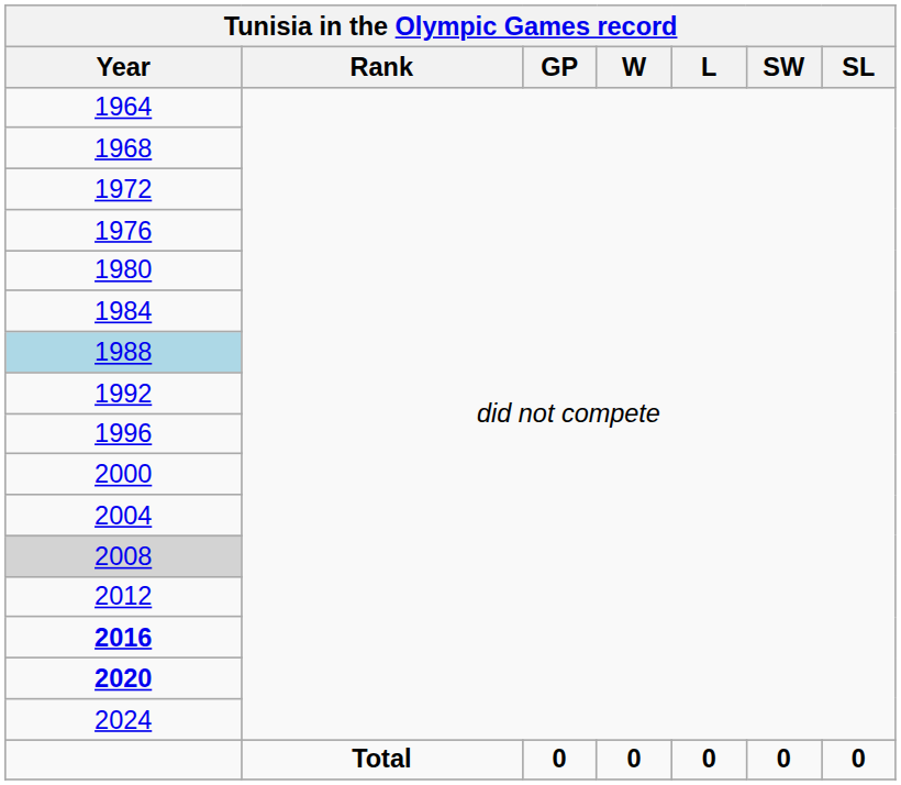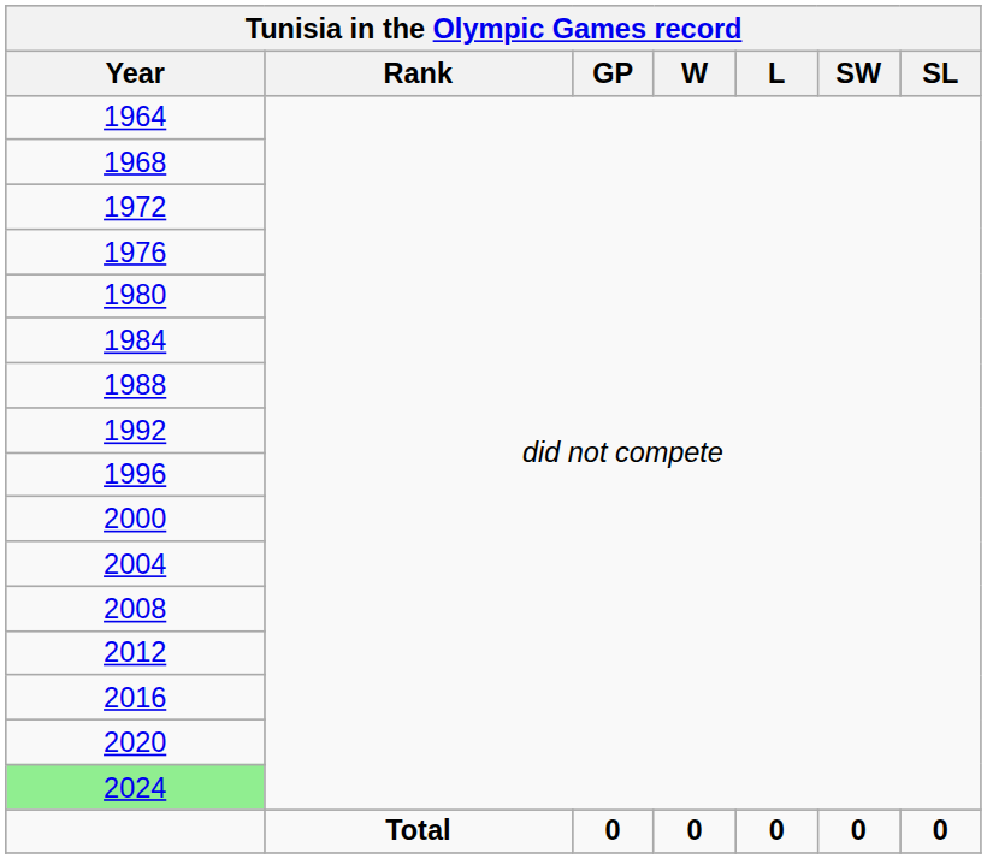 <table class="wikitable" style="text-align: center;font-size:90%;">
 <tr>
 <th colspan=10>Tunisia in the <a href='#'>Olympic Games record</a></th>
 </tr>
 <tr>
 <th width=125>Year</th>
 <th width=150>Rank</th>
 <th width=35>GP</th>
 <th width=35>W</th>
 <th width=35>L</th>
 <th width=35>SW</th>
 <th width=35>SL</th>
 </tr>
 <tr>
 <td> <a href='#'>1964</a></td>
 <td colspan="8" rowspan=16><em>did not compete</em></td>
 </tr>
 <tr>
 <td> <a href='#'>1968</a></td>
 </tr>
 <tr>
 <td> <a href='#'>1972</a></td>
 </tr>
 <tr>
 <td> <a href='#'>1976</a></td>
 </tr>
 <tr>
 <td> <a href='#'>1980</a></td>
 </tr>
 <tr>
 <td> <a href='#'>1984</a></td>
 </tr>
 <tr>
-<td style="background: lightblue;"> <a href='#'>1988</a></td>
+<td> <a href='#'>1988</a></td>
 </tr>
 <tr>
 <td> <a href='#'>1992</a></td>
 </tr>
 <tr>
 <td> <a href='#'>1996</a></td>
 </tr>
 <tr>
 <td> <a href='#'>2000</a></td>
 </tr>
 <tr>
 <td> <a href='#'>2004</a></td>
 </tr>
 <tr>
-<td style="background: lightgrey;"> <a href='#'>2008</a></td>
+<td> <a href='#'>2008</a></td>
 </tr>
 <tr>
 <td> <a href='#'>2012</a></td>
 </tr>
 <tr>
-<td><strong> <a href='#'>2016</a></strong></td>
+<td> <a href='#'>2016</a></td>
 </tr>
 <tr>
-<td><strong> <a href='#'>2020</a></strong></td>
+<td> <a href='#'>2020</a></td>
 </tr>
 <tr>
-<td> <a href='#'>2024</a></td>
+<td style="background: lightgreen;"> <a href='#'>2024</a></td>
 </tr>
 <tr>
 <td></td>
 <td><strong>Total</strong></td>
 <td><strong>0</strong></td>
 <td><strong>0</strong></td>
 <td><strong>0</strong></td>
 <td><strong>0</strong></td>
 <td><strong>0</strong></td>
 </tr>
 </table>
